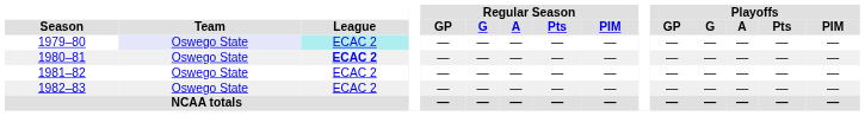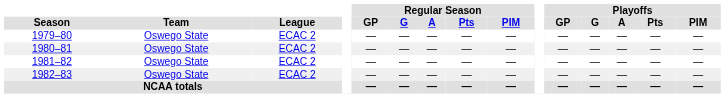 <table border="0" cellpadding="1" cellspacing="0" style="text-align:center; width:70em">
 <tr bgcolor="#e0e0e0">
 <th colspan="3"  bgcolor="#ffffff"> </th>
 <th rowspan="99" bgcolor="#ffffff"> </th>
 <th colspan="5">Regular Season</th>
 <th rowspan="99" bgcolor="#ffffff"> </th>
 <th colspan="5">Playoffs</th>
 </tr>
 <tr bgcolor="#e0e0e0">
 <th>Season</th>
 <th>Team</th>
 <th>League</th>
 <th>GP</th>
 <th><a href='#'>G</a></th>
 <th><a href='#'>A</a></th>
 <th><a href='#'>Pts</a></th>
 <th><a href='#'>PIM</a></th>
 <th>GP</th>
 <th>G</th>
 <th>A</th>
 <th>Pts</th>
 <th>PIM</th>
 </tr>
 <tr>
 <td><a href='#'>1979–80</a></td>
-<td style="background: lavender;"><a href='#'>Oswego State</a></td>
-<td style="background: paleturquoise;"><a href='#'>ECAC 2</a></td>
+<td><a href='#'>Oswego State</a></td>
+<td><a href='#'>ECAC 2</a></td>
 <td>—</td>
 <td>—</td>
 <td>—</td>
 <td>—</td>
 <td>—</td>
 <td>—</td>
 <td>—</td>
 <td>—</td>
 <td>—</td>
 <td>—</td>
 </tr>
 <tr bgcolor="f0f0f0">
 <td><a href='#'>1980–81</a></td>
 <td><a href='#'>Oswego State</a></td>
-<td><strong><a href='#'>ECAC 2</a></strong></td>
+<td><a href='#'>ECAC 2</a></td>
 <td>—</td>
 <td>—</td>
 <td>—</td>
 <td>—</td>
 <td>—</td>
 <td>—</td>
 <td>—</td>
 <td>—</td>
 <td>—</td>
 <td>—</td>
 </tr>
 <tr>
 <td><a href='#'>1981–82</a></td>
 <td><a href='#'>Oswego State</a></td>
 <td><a href='#'>ECAC 2</a></td>
 <td>—</td>
 <td>—</td>
 <td>—</td>
 <td>—</td>
 <td>—</td>
 <td>—</td>
 <td>—</td>
 <td>—</td>
 <td>—</td>
 <td>—</td>
 </tr>
 <tr bgcolor="f0f0f0">
 <td><a href='#'>1982–83</a></td>
 <td><a href='#'>Oswego State</a></td>
 <td><a href='#'>ECAC 2</a></td>
 <td>—</td>
 <td>—</td>
 <td>—</td>
 <td>—</td>
 <td>—</td>
 <td>—</td>
 <td>—</td>
 <td>—</td>
 <td>—</td>
 <td>—</td>
 </tr>
 <tr bgcolor="#e0e0e0">
 <th colspan="3">NCAA totals</th>
 <th>—</th>
 <th>—</th>
 <th>—</th>
 <th>—</th>
 <th>—</th>
 <th>—</th>
 <th>—</th>
 <th>—</th>
 <th>—</th>
 <th>—</th>
 </tr>
 </table>
